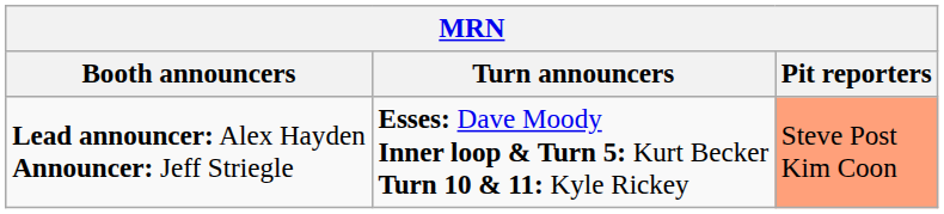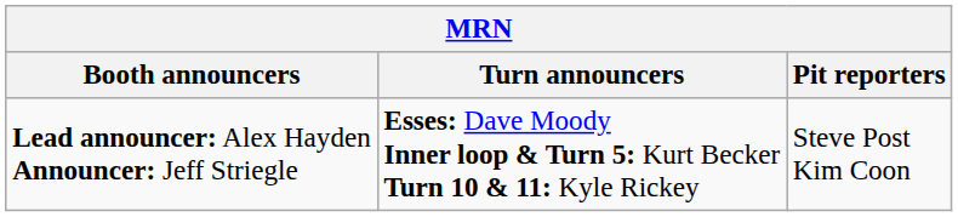 <table class="wikitable" style="font-size: 95%">
 <tr>
 <th colspan="3"><a href='#'>MRN</a></th>
 </tr>
 <tr>
 <th>Booth announcers</th>
 <th>Turn announcers</th>
 <th>Pit reporters</th>
 </tr>
 <tr>
 <td><strong>Lead announcer:</strong> Alex Hayden<br><strong>Announcer:</strong> Jeff Striegle</td>
 <td><strong>Esses:</strong> <a href='#'>Dave Moody</a> <br><strong>Inner loop & Turn 5:</strong> Kurt Becker<br><strong>Turn 10 & 11:</strong> Kyle Rickey</td>
-<td style="background: lightsalmon;">Steve Post<br>Kim Coon</td>
+<td>Steve Post<br>Kim Coon</td>
 </tr>
 </table>
